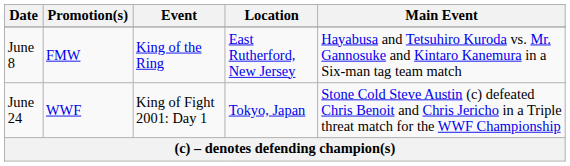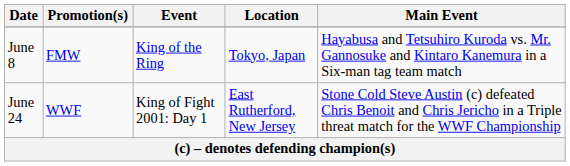 <table class="wikitable" style="width:100%;">
 <tr>
 <th width="5%">Date</th>
 <th width="5%">Promotion(s)</th>
 <th style="width:15%;">Event</th>
 <th style="width:15%;">Location</th>
 <th style="width:40%;">Main Event</th>
 </tr>
 <tr style="width:20%;" |Notes>
 </tr>
 <tr>
 <td>June 8</td>
 <td><a href='#'>FMW</a></td>
 <td><a href='#'>King of the Ring</a></td>
-<td><a href='#'>East Rutherford, New Jersey</a></td>
+<td><a href='#'>Tokyo, Japan</a></td>
 <td><a href='#'>Hayabusa</a> and <a href='#'>Tetsuhiro Kuroda</a> vs. <a href='#'>Mr. Gannosuke</a> and <a href='#'>Kintaro Kanemura</a> in a Six-man tag team match</td>
 </tr>
 <tr>
 <td>June 24</td>
 <td><a href='#'>WWF</a></td>
 <td>King of Fight 2001: Day 1</td>
-<td><a href='#'>Tokyo, Japan</a></td>
+<td><a href='#'>East Rutherford, New Jersey</a></td>
 <td><a href='#'>Stone Cold Steve Austin</a> (c) defeated <a href='#'>Chris Benoit</a> and <a href='#'>Chris Jericho</a> in a Triple threat match for the <a href='#'>WWF Championship</a></td>
 </tr>
 <tr>
 <th colspan="6">(c) – denotes defending champion(s)</th>
 </tr>
 </table>
